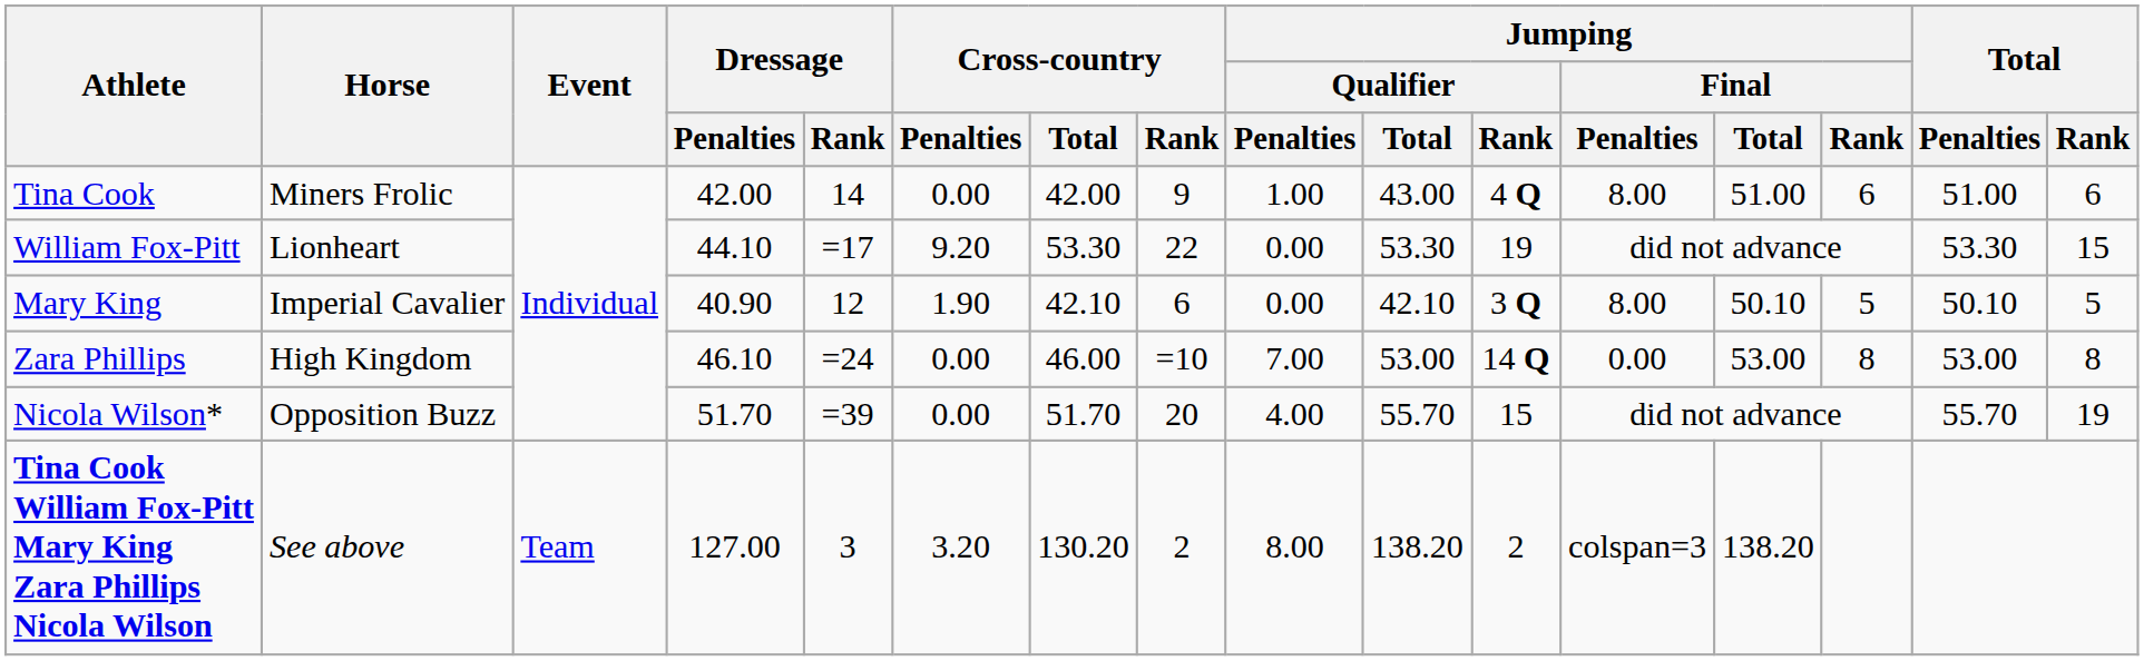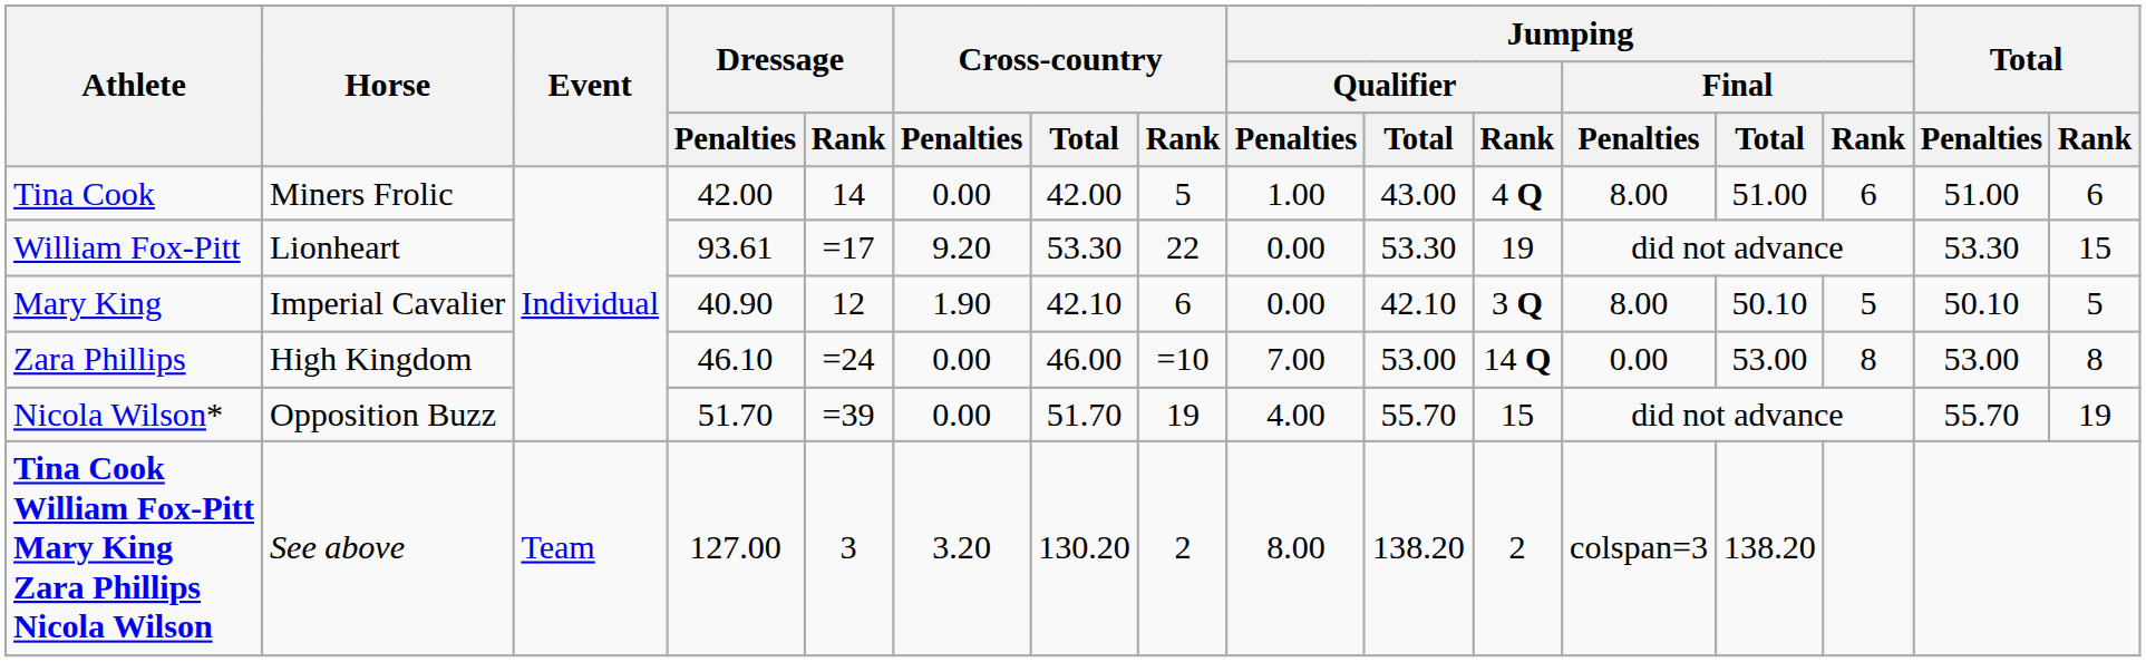 <table class=wikitable style="font-size:90%">
 <tr>
 <th rowspan="3">Athlete</th>
 <th rowspan="3">Horse</th>
 <th rowspan="3">Event</th>
 <th colspan="2" rowspan="2">Dressage</th>
 <th colspan="3" rowspan="2">Cross-country</th>
 <th colspan="6">Jumping</th>
 <th colspan="2" rowspan="2">Total</th>
 </tr>
 <tr style="font-size:95%">
 <th colspan="3">Qualifier</th>
 <th colspan="3">Final</th>
 </tr>
 <tr style="font-size:95%">
 <th>Penalties</th>
 <th>Rank</th>
 <th>Penalties</th>
 <th>Total</th>
 <th>Rank</th>
 <th>Penalties</th>
 <th>Total</th>
 <th>Rank</th>
 <th>Penalties</th>
 <th>Total</th>
 <th>Rank</th>
 <th>Penalties</th>
 <th>Rank</th>
 </tr>
 <tr align=center>
 <td align=left><a href='#'>Tina Cook</a></td>
 <td align=left>Miners Frolic</td>
 <td style="text-align:left;" rowspan="5"><a href='#'>Individual</a></td>
 <td>42.00</td>
 <td>14</td>
 <td>0.00</td>
 <td>42.00</td>
-<td>9</td>
+<td>5</td>
 <td>1.00</td>
 <td>43.00</td>
 <td>4 <strong>Q</strong></td>
 <td>8.00</td>
 <td>51.00</td>
 <td>6</td>
 <td>51.00</td>
 <td>6</td>
 </tr>
 <tr align=center>
 <td align=left><a href='#'>William Fox-Pitt</a></td>
 <td align=left>Lionheart</td>
-<td>44.10</td>
+<td>93.61</td>
 <td>=17</td>
 <td>9.20</td>
 <td>53.30</td>
 <td>22</td>
 <td>0.00</td>
 <td>53.30</td>
 <td>19</td>
 <td colspan=3>did not advance</td>
 <td>53.30</td>
 <td>15</td>
 </tr>
 <tr align=center>
 <td align=left><a href='#'>Mary King</a></td>
 <td align=left>Imperial Cavalier</td>
 <td>40.90</td>
 <td>12</td>
 <td>1.90</td>
 <td>42.10</td>
 <td>6</td>
 <td>0.00</td>
 <td>42.10</td>
 <td>3 <strong>Q</strong></td>
 <td>8.00</td>
 <td>50.10</td>
 <td>5</td>
 <td>50.10</td>
 <td>5</td>
 </tr>
 <tr align=center>
 <td align=left><a href='#'>Zara Phillips</a></td>
 <td align=left>High Kingdom</td>
 <td>46.10</td>
 <td>=24</td>
 <td>0.00</td>
 <td>46.00</td>
 <td>=10</td>
 <td>7.00</td>
 <td>53.00</td>
 <td>14 <strong>Q</strong></td>
 <td>0.00</td>
 <td>53.00</td>
 <td>8</td>
 <td>53.00</td>
 <td>8</td>
 </tr>
 <tr align=center>
 <td align=left><a href='#'>Nicola Wilson</a>*</td>
 <td align=left>Opposition Buzz</td>
 <td>51.70</td>
 <td>=39</td>
 <td>0.00</td>
 <td>51.70</td>
-<td>20</td>
+<td>19</td>
 <td>4.00</td>
 <td>55.70</td>
 <td>15</td>
 <td colspan=3>did not advance</td>
 <td>55.70</td>
 <td>19</td>
 </tr>
 <tr align=center>
 <td align=left><strong><a href='#'>Tina Cook</a></strong><br><strong><a href='#'>William Fox-Pitt</a></strong><br><strong><a href='#'>Mary King</a></strong><br><strong><a href='#'>Zara Phillips</a></strong><br><strong><a href='#'>Nicola Wilson</a></strong></td>
 <td align=left><em>See above</em></td>
 <td align=left><a href='#'>Team</a></td>
 <td>127.00</td>
 <td>3</td>
 <td>3.20</td>
 <td>130.20</td>
 <td>2</td>
 <td>8.00</td>
 <td>138.20</td>
 <td>2</td>
 <td>colspan=3 </td>
 <td>138.20</td>
 <td></td>
 </tr>
 </table>
